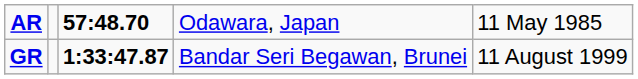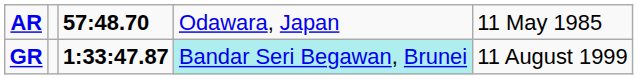 <table class="wikitable" style="font-size:95%; position:relative;">
 <tr>
 <td align=center><strong><a href='#'>AR</a></strong></td>
 <td></td>
 <td><strong>57:48.70</strong></td>
 <td><a href='#'>Odawara</a>, <a href='#'>Japan</a></td>
 <td>11 May 1985</td>
 </tr>
 <tr>
 <td align=center><strong><a href='#'>GR</a></strong></td>
 <td></td>
 <td><strong>1:33:47.87</strong></td>
-<td><a href='#'>Bandar Seri Begawan</a>, <a href='#'>Brunei</a></td>
+<td style="background: paleturquoise;"><a href='#'>Bandar Seri Begawan</a>, <a href='#'>Brunei</a></td>
 <td>11 August 1999</td>
 </tr>
 </table>
